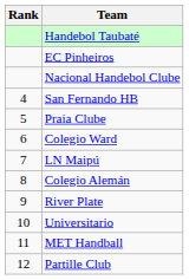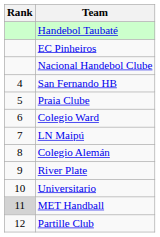 <table class="wikitable">
 <tr>
 <th>Rank</th>
 <th>Team</th>
 </tr>
 <tr bgcolor=ccffcc>
 <td align=center></td>
 <td> <a href='#'>Handebol Taubaté</a></td>
 </tr>
 <tr>
 <td align=center></td>
 <td> <a href='#'>EC Pinheiros</a></td>
 </tr>
 <tr>
 <td align=center></td>
 <td> <a href='#'>Nacional Handebol Clube</a></td>
 </tr>
 <tr>
 <td align=center>4</td>
 <td> <a href='#'>San Fernando HB</a></td>
 </tr>
 <tr>
 <td align=center>5</td>
 <td> <a href='#'>Praia Clube</a></td>
 </tr>
 <tr>
 <td align=center>6</td>
 <td> <a href='#'>Colegio Ward</a></td>
 </tr>
 <tr>
 <td align=center>7</td>
 <td> <a href='#'>LN Maipú</a></td>
 </tr>
 <tr>
 <td align=center>8</td>
 <td> <a href='#'>Colegio Alemán</a></td>
 </tr>
 <tr>
 <td align=center>9</td>
 <td> <a href='#'>River Plate</a></td>
 </tr>
 <tr>
 <td align=center>10</td>
 <td> <a href='#'>Universitario</a></td>
 </tr>
 <tr>
-<td align=center>11</td>
+<td align=center style="background: lightgrey;">11</td>
 <td> <a href='#'>MET Handball</a></td>
 </tr>
 <tr>
 <td align=center>12</td>
 <td> <a href='#'>Partille Club</a></td>
 </tr>
 </table>
